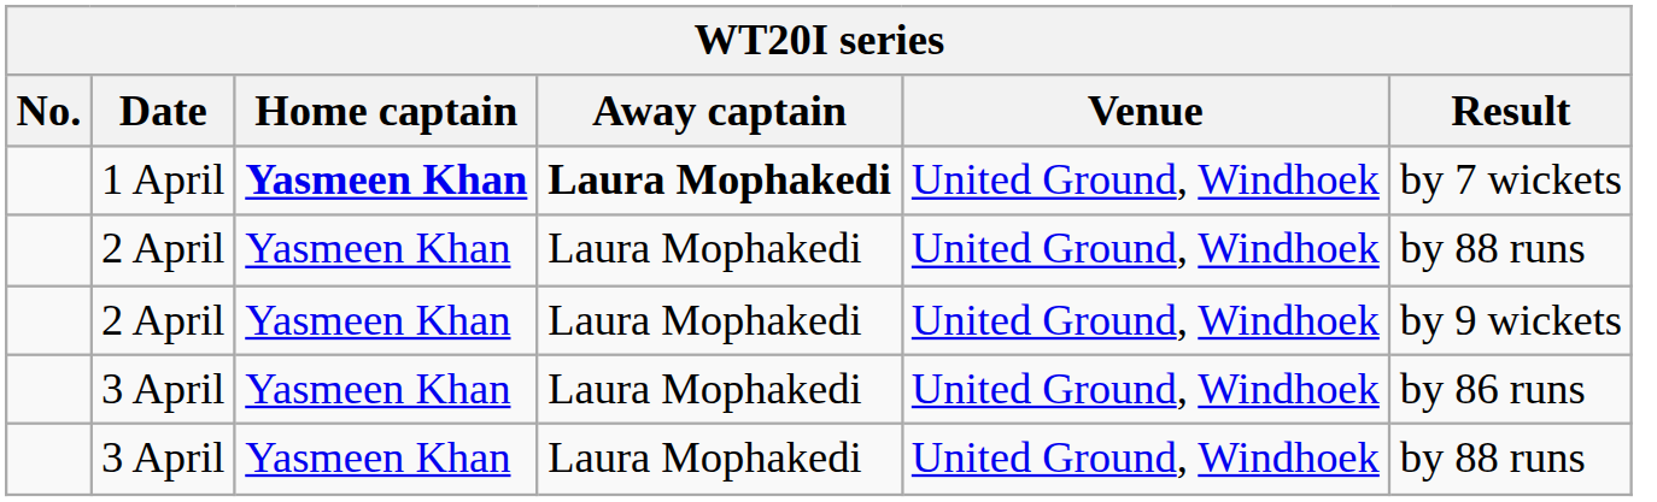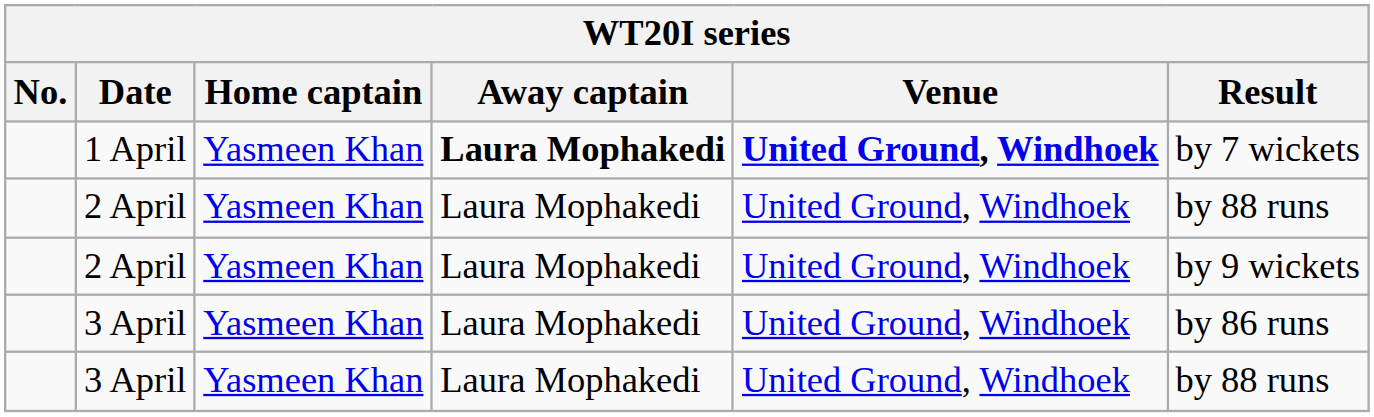 <table class="wikitable">
 <tr>
 <th colspan="8">WT20I series</th>
 </tr>
 <tr>
 <th>No.</th>
 <th>Date</th>
 <th>Home captain</th>
 <th>Away captain</th>
 <th>Venue</th>
 <th>Result</th>
 </tr>
 <tr>
 <td></td>
 <td>1 April</td>
-<td><strong><a href='#'>Yasmeen Khan</a></strong></td>
+<td><a href='#'>Yasmeen Khan</a></td>
 <td><strong>Laura Mophakedi</strong></td>
-<td><a href='#'>United Ground</a>, <a href='#'>Windhoek</a></td>
+<td><strong><a href='#'>United Ground</a>, <a href='#'>Windhoek</a></strong></td>
 <td> by 7 wickets</td>
 </tr>
 <tr>
 <td></td>
 <td>2 April</td>
 <td><a href='#'>Yasmeen Khan</a></td>
 <td>Laura Mophakedi</td>
 <td><a href='#'>United Ground</a>, <a href='#'>Windhoek</a></td>
 <td> by 88 runs</td>
 </tr>
 <tr>
 <td></td>
 <td>2 April</td>
 <td><a href='#'>Yasmeen Khan</a></td>
 <td>Laura Mophakedi</td>
 <td><a href='#'>United Ground</a>, <a href='#'>Windhoek</a></td>
 <td> by 9 wickets</td>
 </tr>
 <tr>
 <td></td>
 <td>3 April</td>
 <td><a href='#'>Yasmeen Khan</a></td>
 <td>Laura Mophakedi</td>
 <td><a href='#'>United Ground</a>, <a href='#'>Windhoek</a></td>
 <td> by 86 runs</td>
 </tr>
 <tr>
 <td></td>
 <td>3 April</td>
 <td><a href='#'>Yasmeen Khan</a></td>
 <td>Laura Mophakedi</td>
 <td><a href='#'>United Ground</a>, <a href='#'>Windhoek</a></td>
 <td> by 88 runs</td>
 </tr>
 </table>
